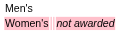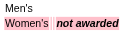 <table>
 <tr>
 <td>Men's</td>
 <td></td>
 <td></td>
 <td></td>
 </tr>
 <tr bgcolor="#FFC0CB">
 <td>Women's</td>
 <td></td>
 <td></td>
-<td><em>not awarded</em></td>
+<td><strong><em>not awarded</em></strong></td>
 </tr>
 </table>
